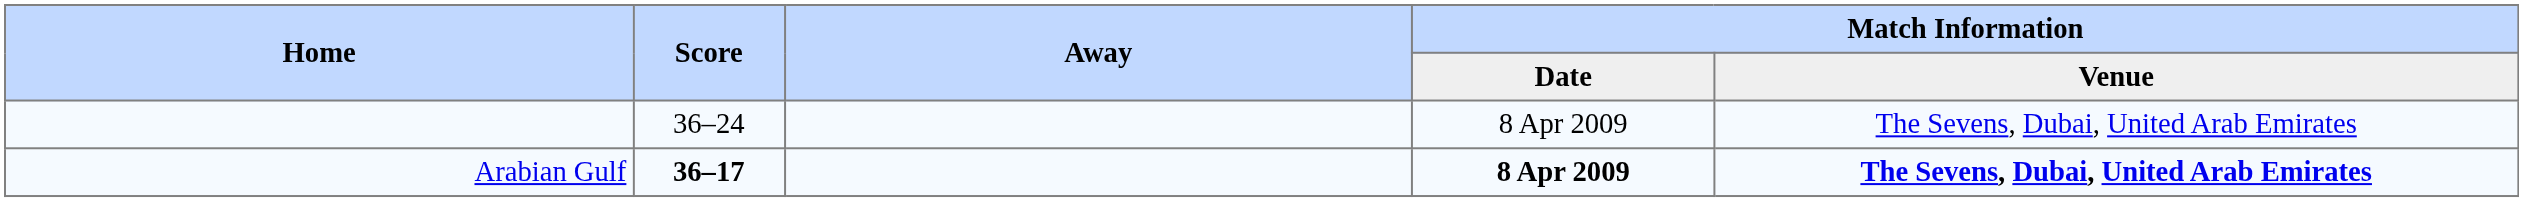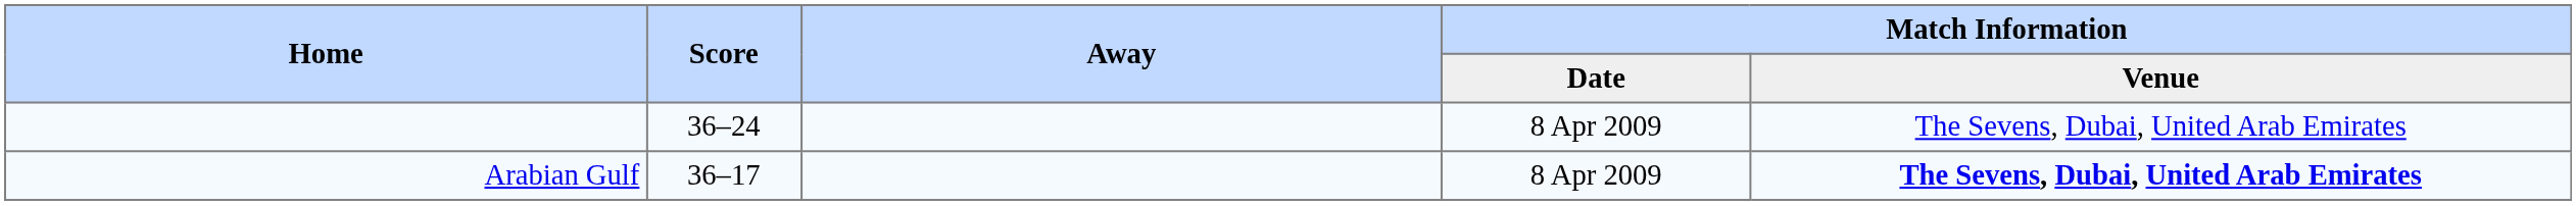 <table border=1 style="border-collapse:collapse; font-size:90%; text-align:center;" cellpadding=3 cellspacing=0 width=100%>
 <tr bgcolor=#C1D8FF>
 <th rowspan=2 width=25%>Home</th>
 <th rowspan=2 width=6%>Score</th>
 <th rowspan=2 width=25%>Away</th>
 <th colspan=6>Match Information</th>
 </tr>
 <tr bgcolor=#EFEFEF>
 <th width=12%>Date</th>
 <th width=32%>Venue</th>
 </tr>
 <tr bgcolor=#F5FAFF>
 <td align=right></td>
 <td>36–24</td>
 <td align=left></td>
 <td>8 Apr 2009</td>
 <td><a href='#'>The Sevens</a>, <a href='#'>Dubai</a>, <a href='#'>United Arab Emirates</a></td>
 </tr>
 <tr bgcolor=#F5FAFF>
 <td align=right><a href='#'>Arabian Gulf</a></td>
-<td><strong>36–17</strong></td>
+<td>36–17</td>
 <td align=left></td>
-<td><strong>8 Apr 2009</strong></td>
+<td>8 Apr 2009</td>
 <td><strong><a href='#'>The Sevens</a>, <a href='#'>Dubai</a>, <a href='#'>United Arab Emirates</a></strong></td>
 </tr>
 </table>
